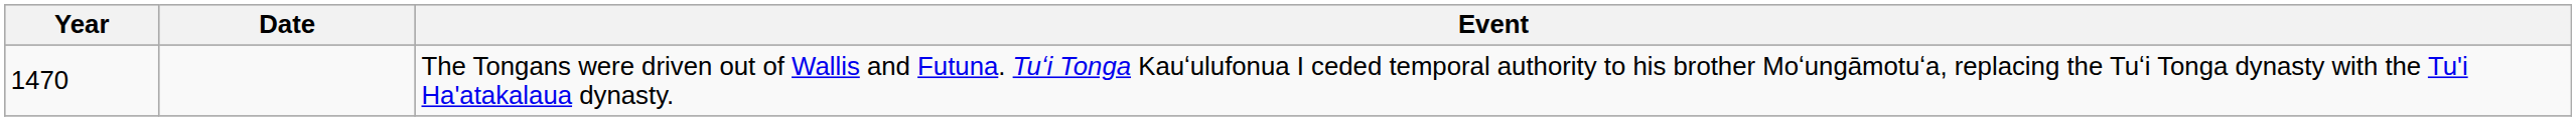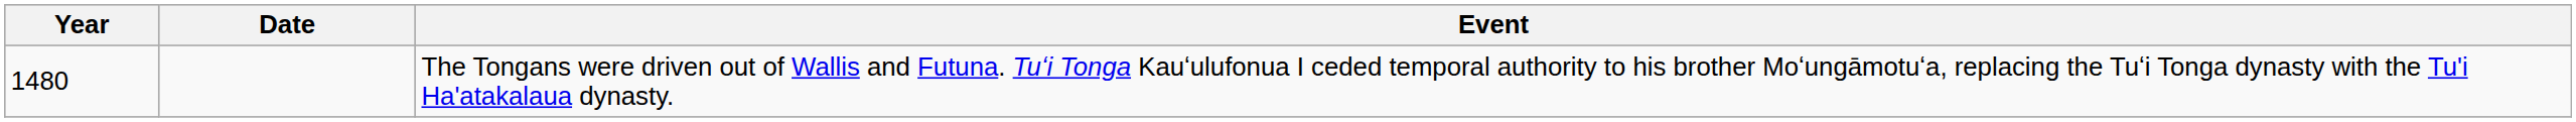 <table class="wikitable" width="100%">
 <tr>
 <th style="width:6%">Year</th>
 <th style="width:10%">Date</th>
 <th>Event</th>
 </tr>
 <tr>
-<td>1470</td>
+<td>1480</td>
 <td></td>
 <td>The Tongans were driven out of <a href='#'>Wallis</a> and <a href='#'>Futuna</a>. <em><a href='#'>Tuʻi Tonga</a></em> Kauʻulufonua I ceded temporal authority to his brother Moʻungāmotuʻa, replacing the Tuʻi Tonga dynasty with the <a href='#'>Tu'i Ha'atakalaua</a> dynasty.</td>
 </tr>
 </table>
